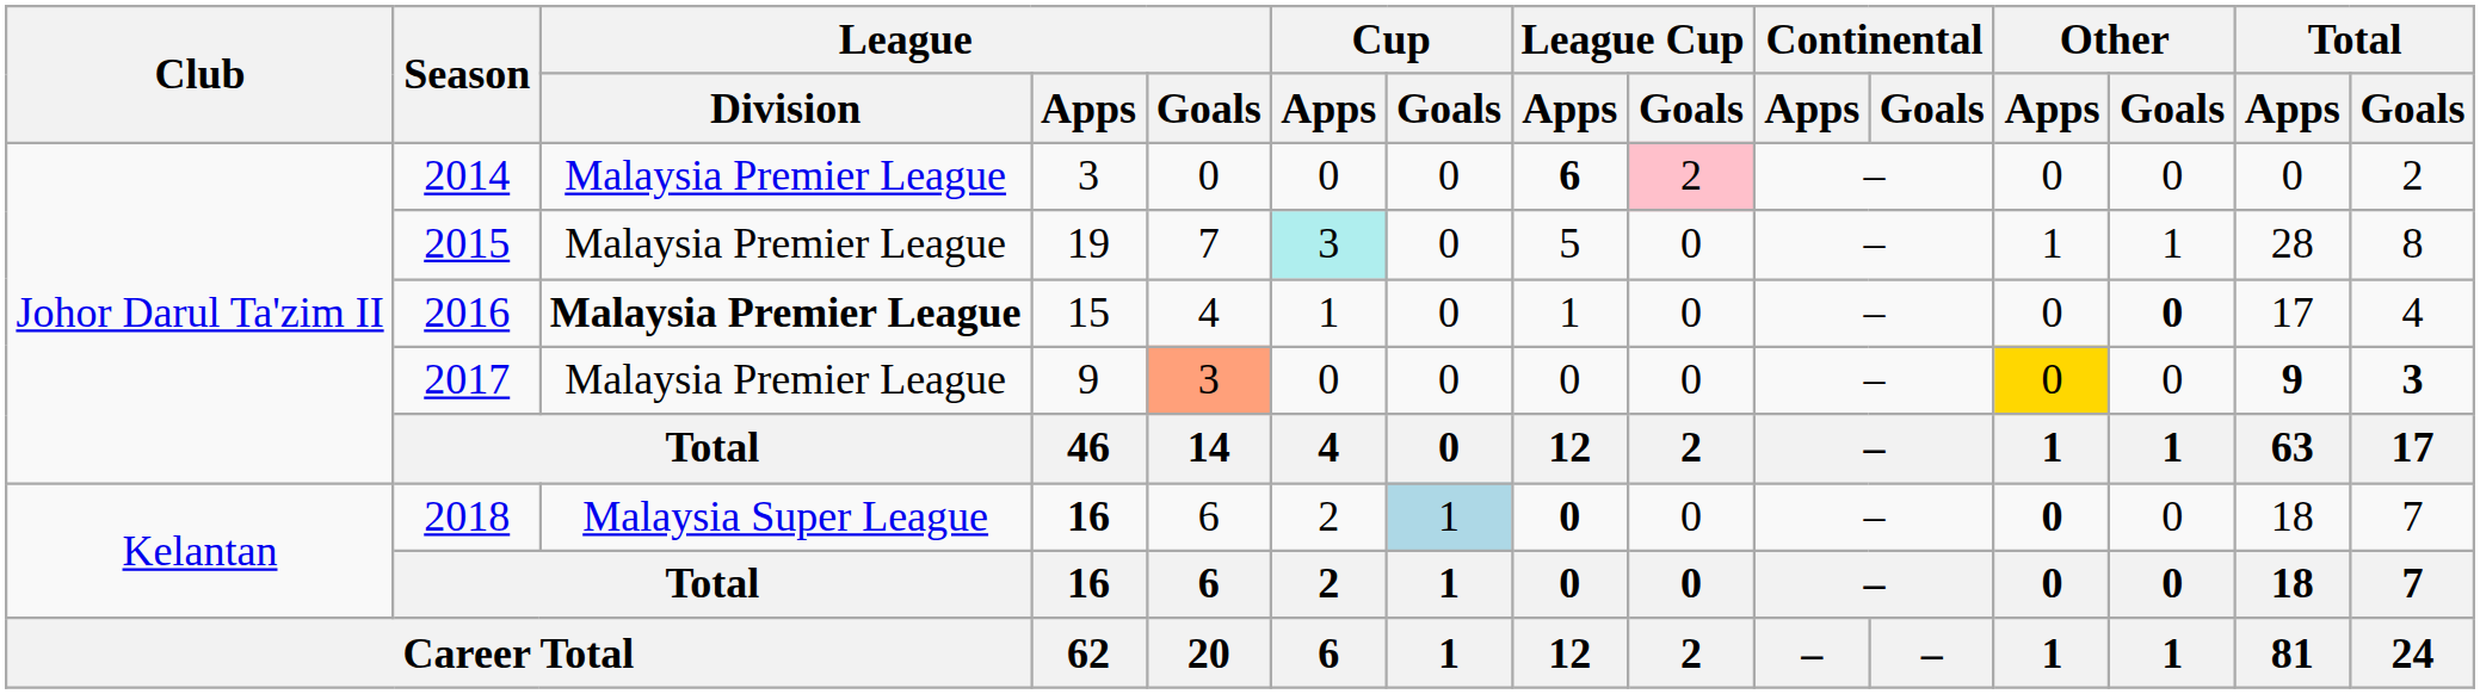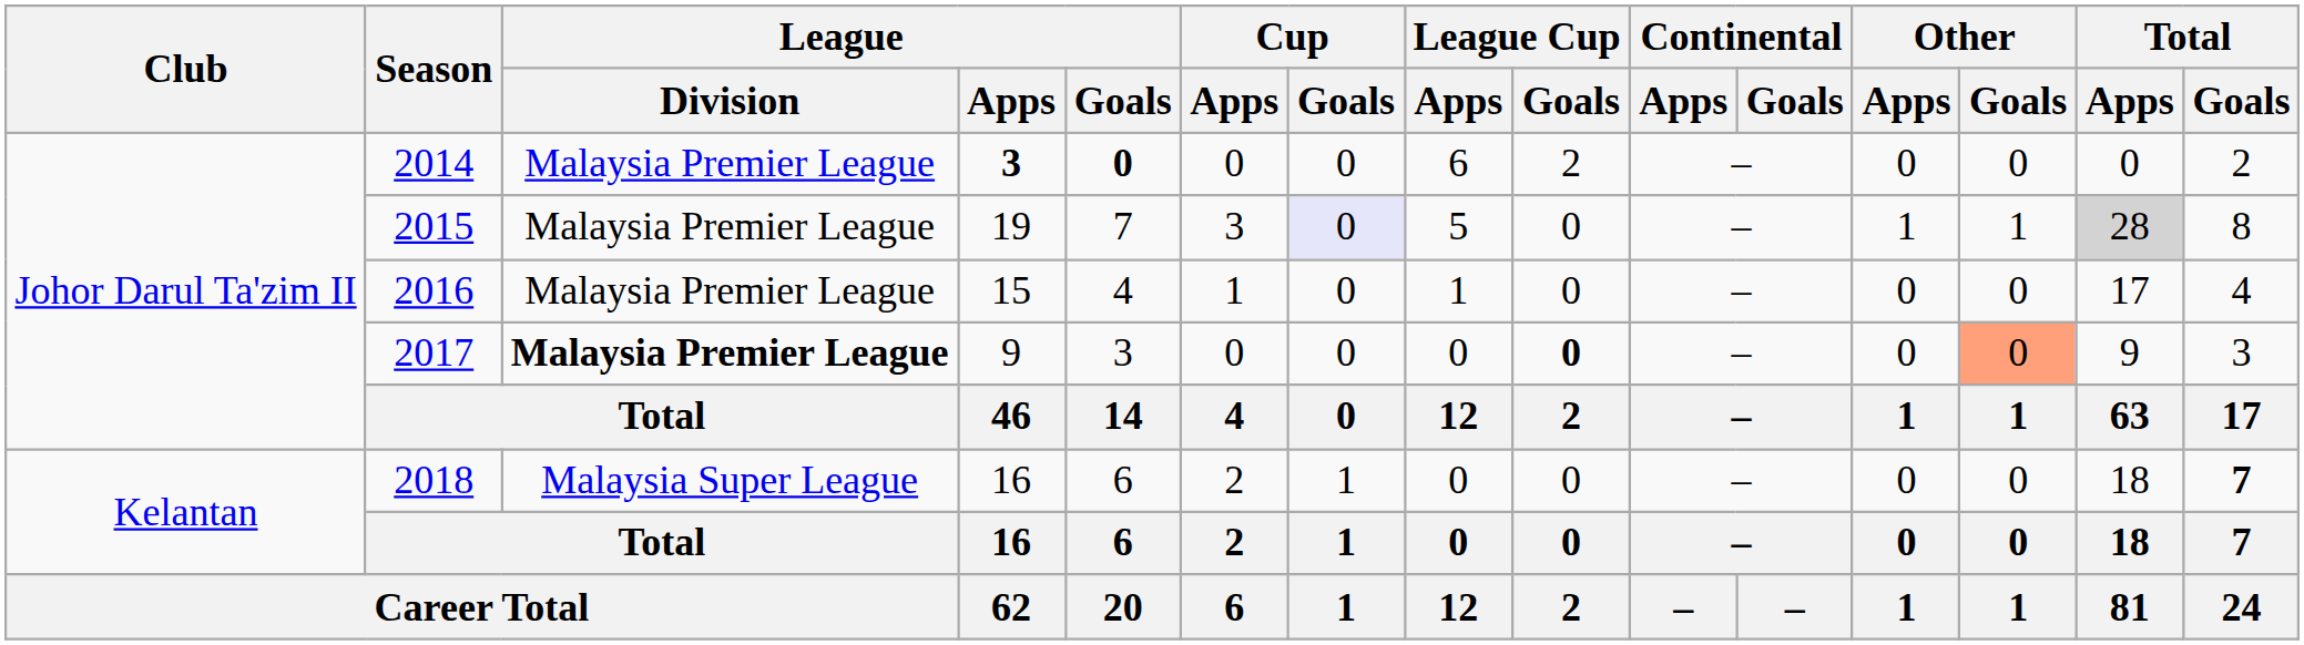 <table class=wikitable style="text-align:center">
 <tr>
 <th rowspan=2>Club</th>
 <th rowspan=2>Season</th>
 <th colspan=3>League</th>
 <th colspan=2>Cup</th>
 <th colspan=2>League Cup</th>
 <th colspan=2>Continental</th>
 <th colspan=2>Other</th>
 <th colspan=2>Total</th>
 </tr>
 <tr>
 <th>Division</th>
 <th>Apps</th>
 <th>Goals</th>
 <th>Apps</th>
 <th>Goals</th>
 <th>Apps</th>
 <th>Goals</th>
 <th>Apps</th>
 <th>Goals</th>
 <th>Apps</th>
 <th>Goals</th>
 <th>Apps</th>
 <th>Goals</th>
 </tr>
 <tr>
 <td rowspan=5><a href='#'>Johor Darul Ta'zim II</a></td>
 <td><a href='#'>2014</a></td>
 <td><a href='#'>Malaysia Premier League</a></td>
-<td>3</td>
+<td><strong>3</strong></td>
+<td><strong>0</strong></td>
 <td>0</td>
 <td>0</td>
-<td>0</td>
-<td><strong>6</strong></td>
-<td style="background: pink;">2</td>
+<td>6</td>
+<td>2</td>
 <td colspan=2>–</td>
 <td>0</td>
 <td>0</td>
 <td>0</td>
 <td>2</td>
 </tr>
 <tr>
 <td><a href='#'>2015</a></td>
 <td>Malaysia Premier League</td>
 <td>19</td>
 <td>7</td>
-<td style="background: paleturquoise;">3</td>
-<td>0</td>
+<td>3</td>
+<td style="background: lavender;">0</td>
 <td>5</td>
 <td>0</td>
 <td colspan=2>–</td>
 <td>1</td>
 <td>1</td>
-<td>28</td>
+<td style="background: lightgrey;">28</td>
 <td>8</td>
 </tr>
 <tr>
 <td><a href='#'>2016</a></td>
-<td><strong>Malaysia Premier League</strong></td>
+<td>Malaysia Premier League</td>
 <td>15</td>
 <td>4</td>
 <td>1</td>
 <td>0</td>
 <td>1</td>
 <td>0</td>
 <td colspan=2>–</td>
 <td>0</td>
-<td><strong>0</strong></td>
+<td>0</td>
 <td>17</td>
 <td>4</td>
 </tr>
 <tr>
 <td><a href='#'>2017</a></td>
-<td>Malaysia Premier League</td>
+<td><strong>Malaysia Premier League</strong></td>
 <td>9</td>
-<td style="background: lightsalmon;">3</td>
+<td>3</td>
 <td>0</td>
 <td>0</td>
 <td>0</td>
+<td><strong>0</strong></td>
+<td colspan=2>–</td>
 <td>0</td>
-<td colspan=2>–</td>
-<td style="background: gold;">0</td>
-<td>0</td>
-<td><strong>9</strong></td>
-<td><strong>3</strong></td>
+<td style="background: lightsalmon;">0</td>
+<td>9</td>
+<td>3</td>
 </tr>
 <tr>
 <th colspan="2">Total</th>
 <th>46</th>
 <th>14</th>
 <th>4</th>
 <th>0</th>
 <th>12</th>
 <th>2</th>
 <th colspan=2>–</th>
 <th>1</th>
 <th>1</th>
 <th>63</th>
 <th>17</th>
 </tr>
 <tr>
 <td rowspan=2><a href='#'>Kelantan</a></td>
 <td><a href='#'>2018</a></td>
 <td><a href='#'>Malaysia Super League</a></td>
-<td><strong>16</strong></td>
+<td>16</td>
 <td>6</td>
 <td>2</td>
-<td style="background: lightblue;">1</td>
-<td><strong>0</strong></td>
+<td>1</td>
+<td>0</td>
 <td>0</td>
 <td colspan=2>–</td>
-<td><strong>0</strong></td>
+<td>0</td>
 <td>0</td>
 <td>18</td>
-<td>7</td>
+<td><strong>7</strong></td>
 </tr>
 <tr>
 <th colspan="2">Total</th>
 <th>16</th>
 <th>6</th>
 <th>2</th>
 <th>1</th>
 <th>0</th>
 <th>0</th>
 <th colspan=2>–</th>
 <th>0</th>
 <th>0</th>
 <th>18</th>
 <th>7</th>
 </tr>
 <tr>
 <th colspan="3">Career Total</th>
 <th>62</th>
 <th>20</th>
 <th>6</th>
 <th>1</th>
 <th>12</th>
 <th>2</th>
 <th>–</th>
 <th>–</th>
 <th>1</th>
 <th>1</th>
 <th>81</th>
 <th>24</th>
 </tr>
 </table>
